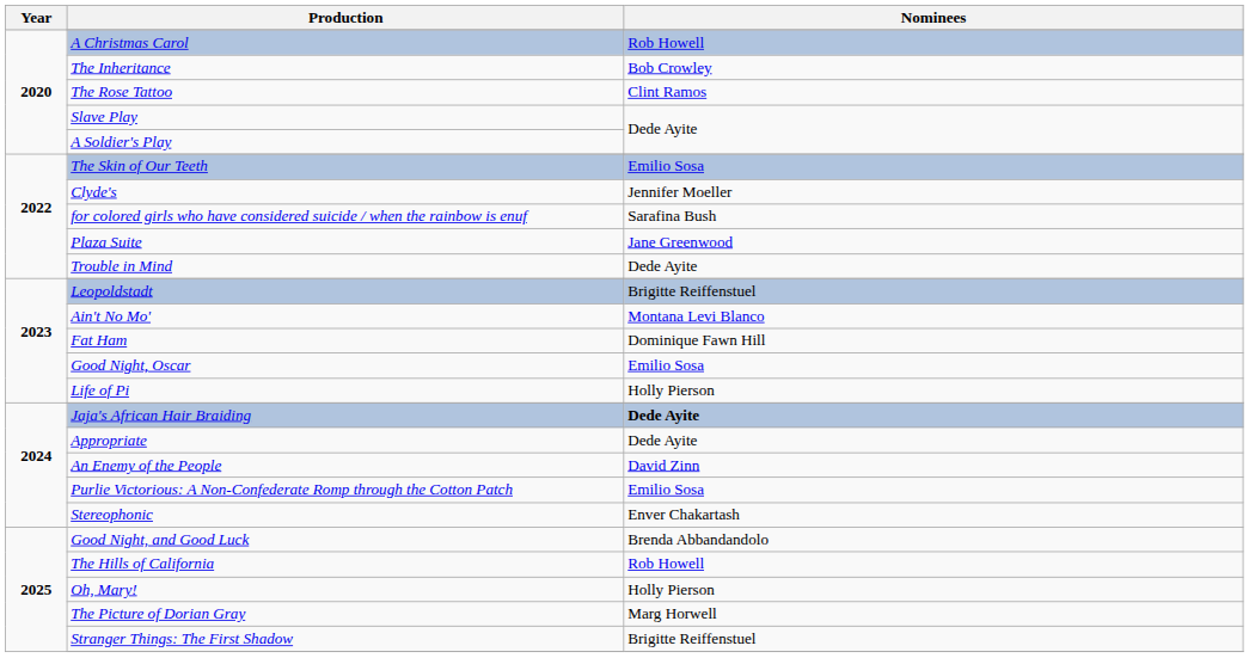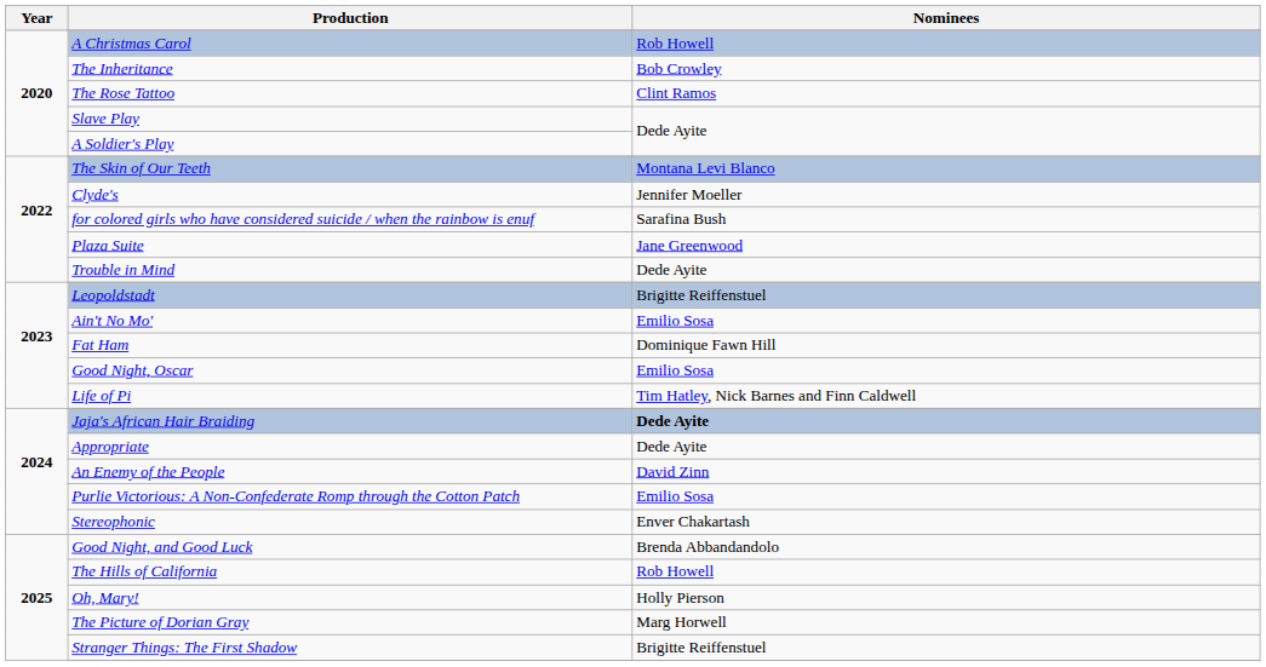 <table class="wikitable" style="width:100%;">
 <tr style="background:#bebebe;">
 <th style="width:5%;">Year</th>
 <th style="width:45%;”">Production</th>
 <th style="width:50%;”">Nominees</th>
 </tr>
 <tr>
 <td rowspan="6" align="center"><strong>2020</strong><br></td>
 </tr>
 <tr style="background:#B0C4DE">
 <td><em><a href='#'>A Christmas Carol</a></em></td>
 <td><a href='#'>Rob Howell</a></td>
 </tr>
 <tr>
 <td><em><a href='#'>The Inheritance</a></em></td>
 <td><a href='#'>Bob Crowley</a></td>
 </tr>
 <tr>
 <td><em><a href='#'>The Rose Tattoo</a></em></td>
 <td><a href='#'>Clint Ramos</a></td>
 </tr>
 <tr>
 <td><em><a href='#'>Slave Play</a></em></td>
 <td rowspan=2>Dede Ayite</td>
 </tr>
 <tr>
 <td><em><a href='#'>A Soldier's Play</a></em></td>
 </tr>
 <tr>
 <td rowspan="6" align="center"><strong>2022</strong><br><br></td>
 </tr>
 <tr style="background:#B0C4DE">
 <td><em><a href='#'>The Skin of Our Teeth</a></em></td>
-<td><a href='#'>Emilio Sosa</a></td>
+<td><a href='#'>Montana Levi Blanco</a></td>
 </tr>
 <tr>
 <td><em><a href='#'>Clyde's</a></em></td>
 <td>Jennifer Moeller</td>
 </tr>
 <tr>
 <td><em><a href='#'>for colored girls who have considered suicide / when the rainbow is enuf</a></em></td>
 <td>Sarafina Bush</td>
 </tr>
 <tr>
 <td><em><a href='#'>Plaza Suite</a></em></td>
 <td><a href='#'>Jane Greenwood</a></td>
 </tr>
 <tr>
 <td><em><a href='#'>Trouble in Mind</a></em></td>
 <td>Dede Ayite</td>
 </tr>
 <tr>
 <td rowspan="6" align="center"><strong>2023</strong><br><br></td>
 </tr>
 <tr style="background:#B0C4DE">
 <td><em><a href='#'>Leopoldstadt</a></em></td>
 <td>Brigitte Reiffenstuel</td>
 </tr>
 <tr>
 <td><em><a href='#'>Ain't No Mo'</a></em></td>
-<td><a href='#'>Montana Levi Blanco</a></td>
+<td><a href='#'>Emilio Sosa</a></td>
 </tr>
 <tr>
 <td><em><a href='#'>Fat Ham</a></em></td>
 <td>Dominique Fawn Hill</td>
 </tr>
 <tr>
 <td><em><a href='#'>Good Night, Oscar</a></em></td>
 <td><a href='#'>Emilio Sosa</a></td>
 </tr>
 <tr>
 <td><em><a href='#'>Life of Pi</a></em></td>
-<td>Holly Pierson</td>
+<td><a href='#'>Tim Hatley</a>, Nick Barnes and Finn Caldwell</td>
 </tr>
 <tr>
 <td rowspan="6" align="center"><strong>2024</strong><br><br></td>
 </tr>
 <tr style="background:#B0C4DE">
 <td><em><a href='#'>Jaja's African Hair Braiding</a></em></td>
 <td><strong>Dede Ayite</strong></td>
 </tr>
 <tr>
 <td><em><a href='#'>Appropriate</a></em></td>
 <td>Dede Ayite</td>
 </tr>
 <tr>
 <td><em><a href='#'>An Enemy of the People</a></em></td>
 <td><a href='#'>David Zinn</a></td>
 </tr>
 <tr>
 <td><em><a href='#'>Purlie Victorious: A Non-Confederate Romp through the Cotton Patch</a></em></td>
 <td><a href='#'>Emilio Sosa</a></td>
 </tr>
 <tr>
 <td><em><a href='#'>Stereophonic</a></em></td>
 <td>Enver Chakartash</td>
 </tr>
 <tr>
 <td rowspan="7" align="center"><strong>2025</strong><br></td>
 <td><em><a href='#'>Good Night, and Good Luck</a></em></td>
 <td>Brenda Abbandandolo</td>
 </tr>
 <tr>
 <td><em><a href='#'>The Hills of California</a></em></td>
 <td><a href='#'>Rob Howell</a></td>
 </tr>
 <tr>
 <td><em><a href='#'>Oh, Mary!</a></em></td>
 <td>Holly Pierson</td>
 </tr>
 <tr>
 <td><em><a href='#'>The Picture of Dorian Gray</a></em></td>
 <td>Marg Horwell</td>
 </tr>
 <tr>
 <td><em><a href='#'>Stranger Things: The First Shadow</a></em></td>
 <td>Brigitte Reiffenstuel</td>
 </tr>
 <tr>
 </tr>
 </table>
